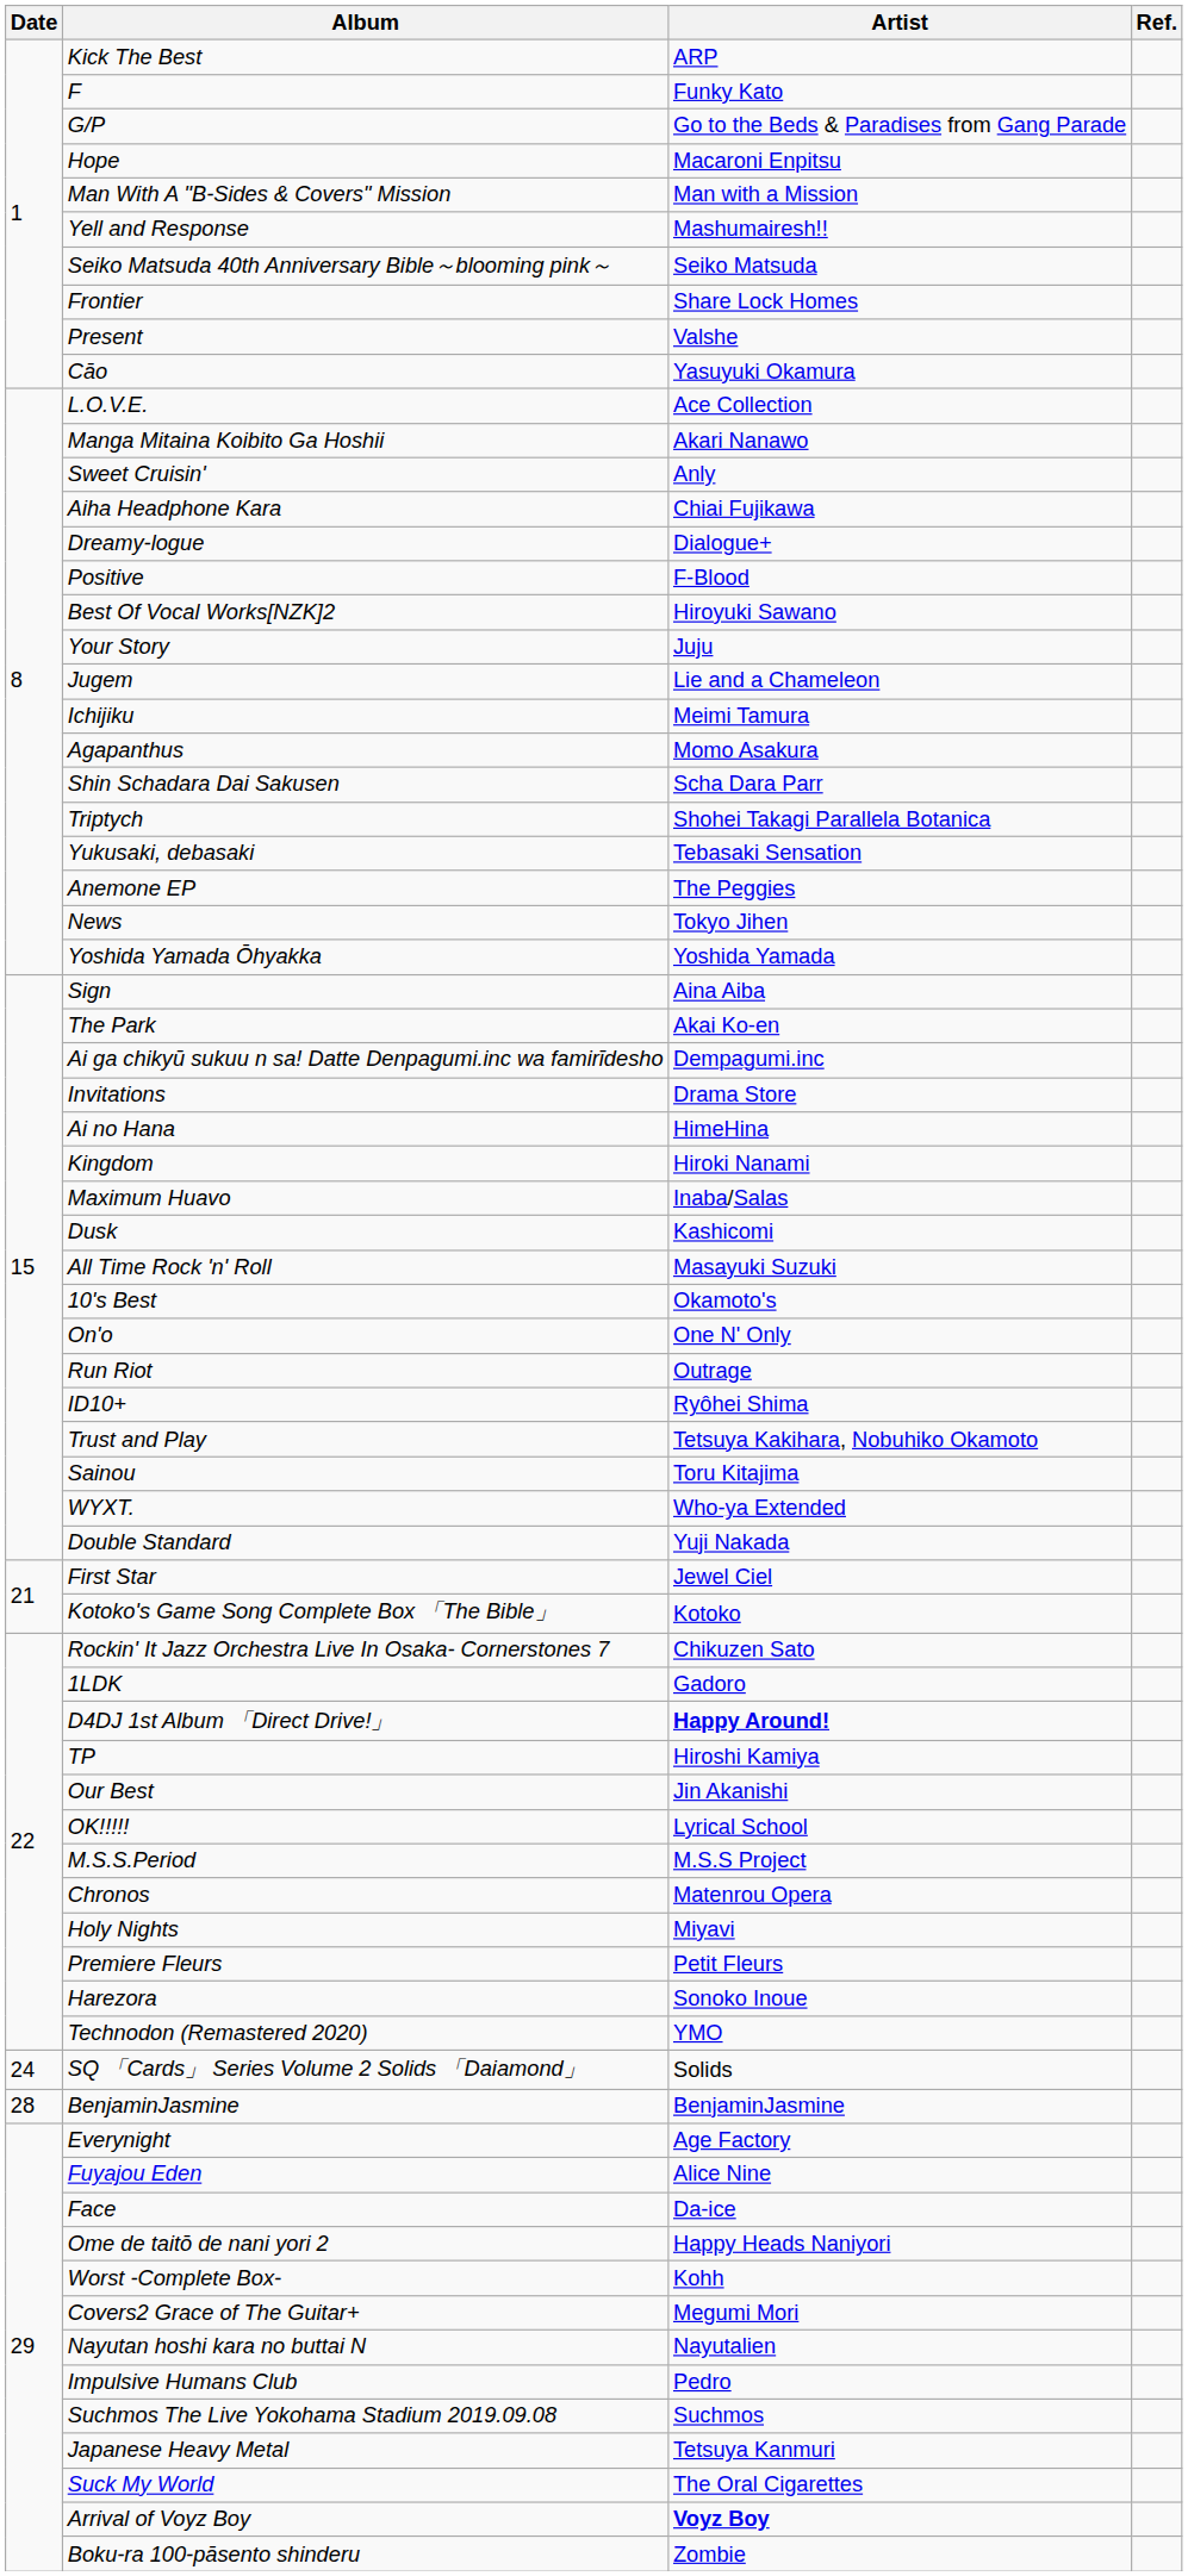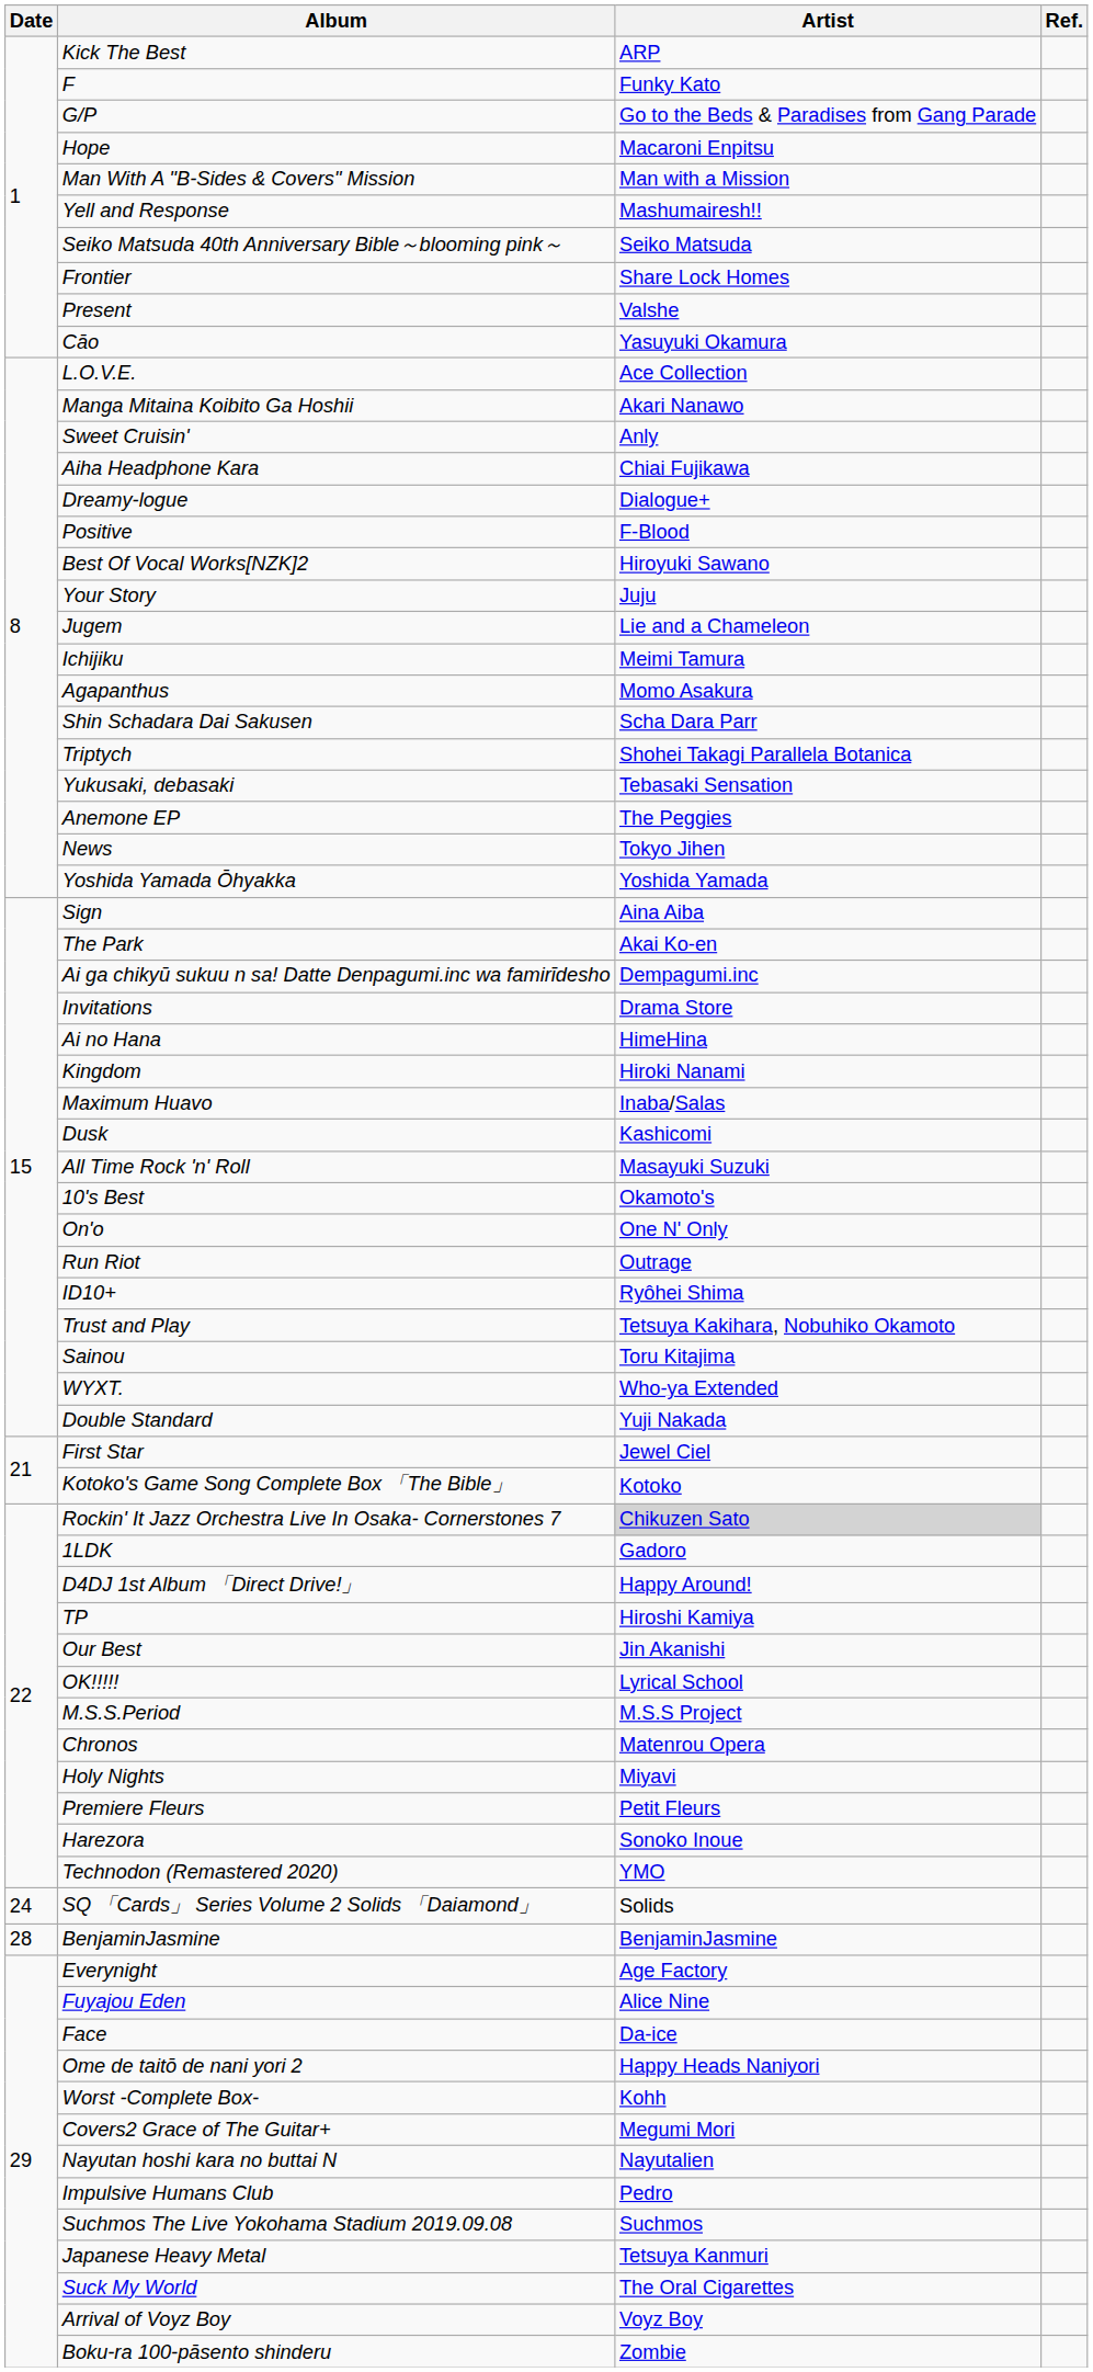 <table class="wikitable">
 <tr>
 <th>Date</th>
 <th>Album</th>
 <th>Artist</th>
 <th>Ref.</th>
 </tr>
 <tr>
 <td rowspan="10">1</td>
 <td><em>Kick The Best</em></td>
 <td><a href='#'>ARP</a></td>
 <td></td>
 </tr>
 <tr>
 <td><em>F</em></td>
 <td><a href='#'>Funky Kato</a></td>
 <td></td>
 </tr>
 <tr>
 <td><em>G/P</em></td>
 <td><a href='#'>Go to the Beds</a> & <a href='#'>Paradises</a> from <a href='#'>Gang Parade</a></td>
 <td></td>
 </tr>
 <tr>
 <td><em>Hope</em></td>
 <td><a href='#'>Macaroni Enpitsu</a></td>
 <td></td>
 </tr>
 <tr>
 <td><em>Man With A "B-Sides & Covers" Mission</em></td>
 <td><a href='#'>Man with a Mission</a></td>
 <td></td>
 </tr>
 <tr>
 <td><em>Yell and Response</em></td>
 <td><a href='#'>Mashumairesh!!</a></td>
 <td></td>
 </tr>
 <tr>
 <td><em>Seiko Matsuda 40th Anniversary Bible～blooming pink～</em></td>
 <td><a href='#'>Seiko Matsuda</a></td>
 <td></td>
 </tr>
 <tr>
 <td><em>Frontier</em></td>
 <td><a href='#'>Share Lock Homes</a></td>
 <td></td>
 </tr>
 <tr>
 <td><em>Present</em></td>
 <td><a href='#'>Valshe</a></td>
 <td></td>
 </tr>
 <tr>
 <td><em>Cāo</em></td>
 <td><a href='#'>Yasuyuki Okamura</a></td>
 <td></td>
 </tr>
 <tr>
 <td rowspan="17">8</td>
 <td><em>L.O.V.E.</em></td>
 <td><a href='#'>Ace Collection</a></td>
 <td></td>
 </tr>
 <tr>
 <td><em>Manga Mitaina Koibito Ga Hoshii</em></td>
 <td><a href='#'>Akari Nanawo</a></td>
 <td></td>
 </tr>
 <tr>
 <td><em>Sweet Cruisin' </em></td>
 <td><a href='#'>Anly</a></td>
 <td></td>
 </tr>
 <tr>
 <td><em>Aiha Headphone Kara</em></td>
 <td><a href='#'>Chiai Fujikawa</a></td>
 <td></td>
 </tr>
 <tr>
 <td><em>Dreamy-logue</em></td>
 <td><a href='#'>Dialogue+</a></td>
 <td></td>
 </tr>
 <tr>
 <td><em>Positive</em></td>
 <td><a href='#'>F-Blood</a></td>
 <td></td>
 </tr>
 <tr>
 <td><em>Best Of Vocal Works[NZK]2</em></td>
 <td><a href='#'>Hiroyuki Sawano</a></td>
 <td></td>
 </tr>
 <tr>
 <td><em>Your Story</em></td>
 <td><a href='#'>Juju</a></td>
 <td></td>
 </tr>
 <tr>
 <td><em>Jugem</em></td>
 <td><a href='#'>Lie and a Chameleon</a></td>
 <td></td>
 </tr>
 <tr>
 <td><em>Ichijiku</em></td>
 <td><a href='#'>Meimi Tamura</a></td>
 <td></td>
 </tr>
 <tr>
 <td><em>Agapanthus</em></td>
 <td><a href='#'>Momo Asakura</a></td>
 <td></td>
 </tr>
 <tr>
 <td><em>Shin Schadara Dai Sakusen</em></td>
 <td><a href='#'>Scha Dara Parr</a></td>
 <td></td>
 </tr>
 <tr>
 <td><em>Triptych</em></td>
 <td><a href='#'>Shohei Takagi Parallela Botanica</a></td>
 <td></td>
 </tr>
 <tr>
 <td><em>Yukusaki, debasaki</em></td>
 <td><a href='#'>Tebasaki Sensation</a></td>
 <td></td>
 </tr>
 <tr>
 <td><em>Anemone EP</em></td>
 <td><a href='#'>The Peggies</a></td>
 <td></td>
 </tr>
 <tr>
 <td><em>News</em></td>
 <td><a href='#'>Tokyo Jihen</a></td>
 <td></td>
 </tr>
 <tr>
 <td><em>Yoshida Yamada Ōhyakka</em></td>
 <td><a href='#'>Yoshida Yamada</a></td>
 <td></td>
 </tr>
 <tr>
 <td rowspan="17">15</td>
 <td><em>Sign</em></td>
 <td><a href='#'>Aina Aiba</a></td>
 <td></td>
 </tr>
 <tr>
 <td><em>The Park</em></td>
 <td><a href='#'>Akai Ko-en</a></td>
 <td></td>
 </tr>
 <tr>
 <td><em>Ai ga chikyū sukuu n sa! Datte Denpagumi.inc wa famirīdesho</em></td>
 <td><a href='#'>Dempagumi.inc</a></td>
 <td></td>
 </tr>
 <tr>
 <td><em>Invitations</em></td>
 <td><a href='#'>Drama Store</a></td>
 <td></td>
 </tr>
 <tr>
 <td><em>Ai no Hana</em></td>
 <td><a href='#'>HimeHina</a></td>
 <td></td>
 </tr>
 <tr>
 <td><em>Kingdom</em></td>
 <td><a href='#'>Hiroki Nanami</a></td>
 <td></td>
 </tr>
 <tr>
 <td><em>Maximum Huavo</em></td>
 <td><a href='#'>Inaba</a>/<a href='#'>Salas</a></td>
 <td></td>
 </tr>
 <tr>
 <td><em>Dusk</em></td>
 <td><a href='#'>Kashicomi</a></td>
 <td></td>
 </tr>
 <tr>
 <td><em>All Time Rock 'n' Roll</em></td>
 <td><a href='#'>Masayuki Suzuki</a></td>
 <td></td>
 </tr>
 <tr>
 <td><em>10's Best</em></td>
 <td><a href='#'>Okamoto's</a></td>
 <td></td>
 </tr>
 <tr>
 <td><em>On'o</em></td>
 <td><a href='#'>One N' Only</a></td>
 <td></td>
 </tr>
 <tr>
 <td><em>Run Riot</em></td>
 <td><a href='#'>Outrage</a></td>
 <td></td>
 </tr>
 <tr>
 <td><em>ID10+</em></td>
 <td><a href='#'>Ryôhei Shima</a></td>
 <td></td>
 </tr>
 <tr>
 <td><em>Trust and Play</em></td>
 <td><a href='#'>Tetsuya Kakihara</a>, <a href='#'>Nobuhiko Okamoto</a></td>
 <td></td>
 </tr>
 <tr>
 <td><em>Sainou</em></td>
 <td><a href='#'>Toru Kitajima</a></td>
 <td></td>
 </tr>
 <tr>
 <td><em>WYXT.</em></td>
 <td><a href='#'>Who-ya Extended</a></td>
 <td></td>
 </tr>
 <tr>
 <td><em>Double Standard</em></td>
 <td><a href='#'>Yuji Nakada</a></td>
 <td></td>
 </tr>
 <tr>
 <td rowspan="2">21</td>
 <td><em>First Star</em></td>
 <td><a href='#'>Jewel Ciel</a></td>
 <td></td>
 </tr>
 <tr>
 <td><em>Kotoko's Game Song Complete Box 「The Bible」</em></td>
 <td><a href='#'>Kotoko</a></td>
 <td></td>
 </tr>
 <tr>
 <td rowspan="12">22</td>
 <td><em>Rockin' It Jazz Orchestra Live In Osaka- Cornerstones 7</em></td>
-<td><a href='#'>Chikuzen Sato</a></td>
+<td style="background: lightgrey;"><a href='#'>Chikuzen Sato</a></td>
 <td></td>
 </tr>
 <tr>
 <td><em>1LDK</em></td>
 <td><a href='#'>Gadoro</a></td>
 <td></td>
 </tr>
 <tr>
 <td><em>D4DJ 1st Album 「Direct Drive!」</em></td>
-<td><strong><a href='#'>Happy Around!</a></strong></td>
+<td><a href='#'>Happy Around!</a></td>
 <td></td>
 </tr>
 <tr>
 <td><em>TP</em></td>
 <td><a href='#'>Hiroshi Kamiya</a></td>
 <td></td>
 </tr>
 <tr>
 <td><em>Our Best</em></td>
 <td><a href='#'>Jin Akanishi</a></td>
 <td></td>
 </tr>
 <tr>
 <td><em>OK!!!!!</em></td>
 <td><a href='#'>Lyrical School</a></td>
 <td></td>
 </tr>
 <tr>
 <td><em>M.S.S.Period</em></td>
 <td><a href='#'>M.S.S Project</a></td>
 <td></td>
 </tr>
 <tr>
 <td><em>Chronos</em></td>
 <td><a href='#'>Matenrou Opera</a></td>
 <td></td>
 </tr>
 <tr>
 <td><em>Holy Nights</em></td>
 <td><a href='#'>Miyavi</a></td>
 <td></td>
 </tr>
 <tr>
 <td><em>Premiere Fleurs</em></td>
 <td><a href='#'>Petit Fleurs</a></td>
 <td></td>
 </tr>
 <tr>
 <td><em>Harezora</em></td>
 <td><a href='#'>Sonoko Inoue</a></td>
 <td></td>
 </tr>
 <tr>
 <td><em>Technodon (Remastered 2020)</em></td>
 <td><a href='#'>YMO</a></td>
 <td></td>
 </tr>
 <tr>
 <td>24</td>
 <td><em>SQ 「Cards」 Series Volume 2 Solids 「Daiamond」</em></td>
 <td>Solids</td>
 <td></td>
 </tr>
 <tr>
 <td>28</td>
 <td><em>BenjaminJasmine</em></td>
 <td><a href='#'>BenjaminJasmine</a></td>
 <td></td>
 </tr>
 <tr>
 <td rowspan="13">29</td>
 <td><em>Everynight</em></td>
 <td><a href='#'>Age Factory</a></td>
 <td></td>
 </tr>
 <tr>
 <td><em><a href='#'>Fuyajou Eden</a></em></td>
 <td><a href='#'>Alice Nine</a></td>
 <td></td>
 </tr>
 <tr>
 <td><em>Face</em></td>
 <td><a href='#'>Da-ice</a></td>
 <td></td>
 </tr>
 <tr>
 <td><em>Ome de taitō de nani yori 2</em></td>
 <td><a href='#'>Happy Heads Naniyori</a></td>
 <td></td>
 </tr>
 <tr>
 <td><em>Worst -Complete Box-</em></td>
 <td><a href='#'>Kohh</a></td>
 <td></td>
 </tr>
 <tr>
 <td><em>Covers2 Grace of The Guitar+</em></td>
 <td><a href='#'>Megumi Mori</a></td>
 <td></td>
 </tr>
 <tr>
 <td><em>Nayutan hoshi kara no buttai N</em></td>
 <td><a href='#'>Nayutalien</a></td>
 <td></td>
 </tr>
 <tr>
 <td><em>Impulsive Humans Club</em></td>
 <td><a href='#'>Pedro</a></td>
 <td></td>
 </tr>
 <tr>
 <td><em>Suchmos The Live Yokohama Stadium 2019.09.08</em></td>
 <td><a href='#'>Suchmos</a></td>
 <td></td>
 </tr>
 <tr>
 <td><em>Japanese Heavy Metal</em></td>
 <td><a href='#'>Tetsuya Kanmuri</a></td>
 <td></td>
 </tr>
 <tr>
 <td><em><a href='#'>Suck My World</a></em></td>
 <td><a href='#'>The Oral Cigarettes</a></td>
 <td></td>
 </tr>
 <tr>
 <td><em>Arrival of Voyz Boy</em></td>
-<td><strong><a href='#'>Voyz Boy</a></strong></td>
+<td><a href='#'>Voyz Boy</a></td>
 <td></td>
 </tr>
 <tr>
 <td><em>Boku-ra 100-pāsento shinderu</em></td>
 <td><a href='#'>Zombie</a></td>
 <td></td>
 </tr>
 </table>
